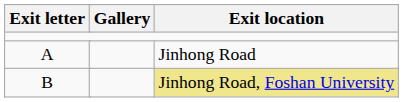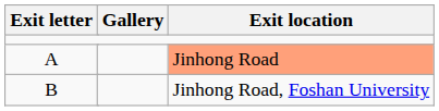 <table class="wikitable">
 <tr>
 <th style="width:70px" colspan=2>Exit letter</th>
 <th>Gallery</th>
 <th>Exit location</th>
 </tr>
 <tr style="background:#">
 <td colspan="4"></td>
 </tr>
 <tr>
 <td align=center colspan=2>A</td>
 <td></td>
-<td>Jinhong Road</td>
+<td style="background: lightsalmon;">Jinhong Road</td>
 </tr>
 <tr>
 <td align=center colspan=2>B</td>
 <td></td>
-<td style="background: khaki;">Jinhong Road, <a href='#'>Foshan University</a></td>
+<td>Jinhong Road, <a href='#'>Foshan University</a></td>
 </tr>
 </table>
